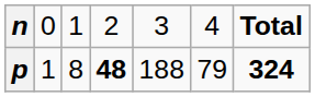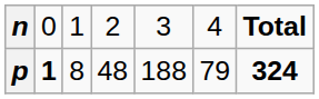 <table class="wikitable">
 <tr align="center">
 <th><em>n</em></th>
 <td>0</td>
 <td>1</td>
 <td>2</td>
 <td>3</td>
 <td>4</td>
 <td><strong>Total</strong></td>
 </tr>
 <tr align="center">
 <th><em>p</em></th>
-<td>1</td>
+<td><strong>1</strong></td>
 <td>8</td>
-<td><strong>48</strong></td>
+<td>48</td>
 <td>188</td>
 <td>79</td>
 <td><strong>324</strong></td>
 </tr>
 </table>
